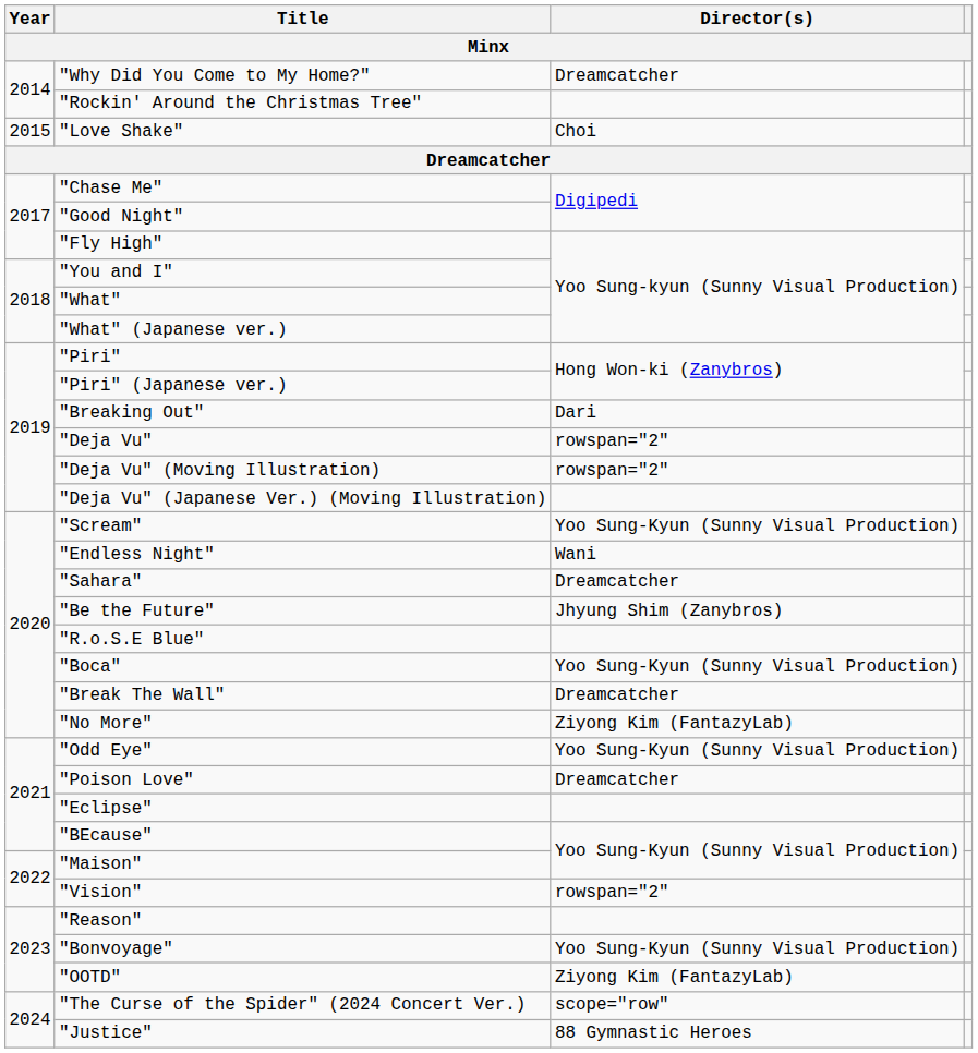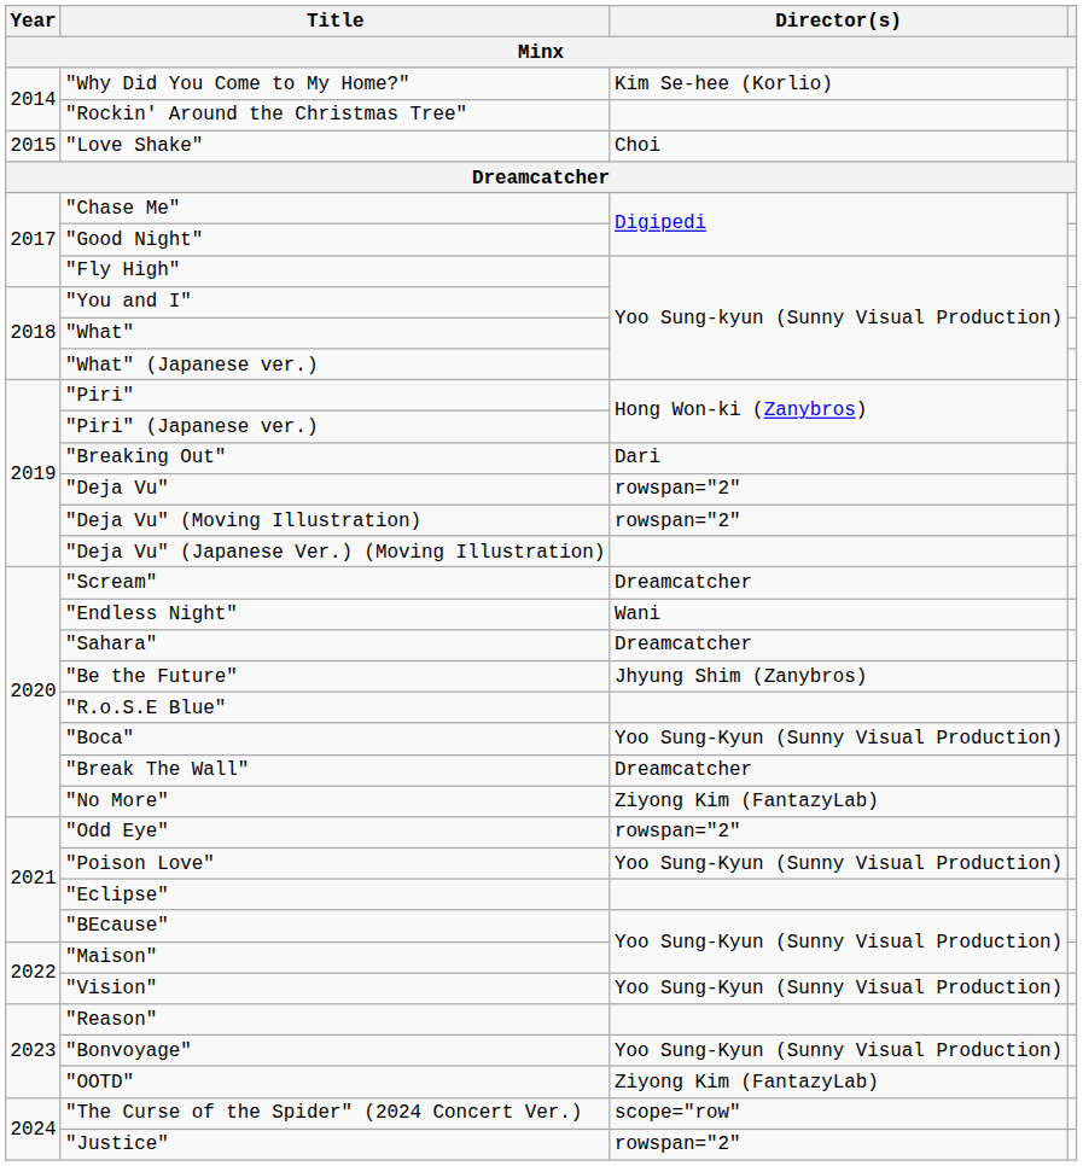 <table class="wikitable">
 <tr>
 <th scope="col">Year</th>
 <th scope="col">Title</th>
 <th scope="col">Director(s)</th>
 <th scope="col" class="unsortable"></th>
 </tr>
 <tr>
 <th colspan="4">Minx</th>
 </tr>
 <tr>
 <td rowspan="2">2014</td>
 <td>"Why Did You Come to My Home?"</td>
-<td>Dreamcatcher</td>
+<td>Kim Se-hee (Korlio)</td>
 <td></td>
 </tr>
 <tr>
 <td>"Rockin' Around the Christmas Tree"<br></td>
 <td></td>
 <td></td>
 </tr>
 <tr>
 <td>2015</td>
 <td>"Love Shake"</td>
 <td>Choi</td>
 <td></td>
 </tr>
 <tr>
 <th colspan="4">Dreamcatcher</th>
 </tr>
 <tr>
 <td rowspan="3">2017</td>
 <td>"Chase Me"</td>
 <td rowspan="2"><a href='#'>Digipedi</a></td>
 <td></td>
 </tr>
 <tr>
 <td>"Good Night"</td>
 <td></td>
 </tr>
 <tr>
 <td>"Fly High"</td>
 <td rowspan="4">Yoo Sung-kyun (Sunny Visual Production)</td>
 <td></td>
 </tr>
 <tr>
 <td rowspan="3">2018</td>
 <td>"You and I"</td>
 <td></td>
 </tr>
 <tr>
 <td>"What"</td>
 <td></td>
 </tr>
 <tr>
 <td>"What" (Japanese ver.)</td>
 <td></td>
 </tr>
 <tr>
 <td rowspan="6">2019</td>
 <td>"Piri"</td>
 <td rowspan="2">Hong Won-ki (<a href='#'>Zanybros</a>)</td>
 <td></td>
 </tr>
 <tr>
 <td>"Piri" (Japanese ver.)</td>
 <td></td>
 </tr>
 <tr>
 <td>"Breaking Out"</td>
 <td>Dari</td>
 <td></td>
 </tr>
 <tr>
 <td>"Deja Vu"</td>
 <td>rowspan="2" </td>
 <td></td>
 </tr>
 <tr>
 <td>"Deja Vu" (Moving Illustration)</td>
 <td>rowspan="2" </td>
 <td></td>
 </tr>
 <tr>
 <td>"Deja Vu" (Japanese Ver.) (Moving Illustration)</td>
 <td></td>
 </tr>
 <tr>
 <td rowspan="8">2020</td>
 <td>"Scream"</td>
-<td>Yoo Sung-Kyun (Sunny Visual Production)</td>
+<td>Dreamcatcher</td>
 <td></td>
 </tr>
 <tr>
 <td>"Endless Night"</td>
 <td>Wani</td>
 <td></td>
 </tr>
 <tr>
 <td>"Sahara"</td>
 <td>Dreamcatcher</td>
 <td></td>
 </tr>
 <tr>
 <td>"Be the Future"<br></td>
 <td>Jhyung Shim (Zanybros)</td>
 <td></td>
 </tr>
 <tr>
 <td>"R.o.S.E Blue"</td>
 <td></td>
 <td></td>
 </tr>
 <tr>
 <td>"Boca"</td>
 <td>Yoo Sung-Kyun (Sunny Visual Production)</td>
 <td></td>
 </tr>
 <tr>
 <td>"Break The Wall"</td>
 <td>Dreamcatcher</td>
 <td></td>
 </tr>
 <tr>
 <td>"No More"</td>
 <td>Ziyong Kim (FantazyLab)</td>
 <td></td>
 </tr>
 <tr>
 <td rowspan="4">2021</td>
 <td>"Odd Eye"</td>
-<td>Yoo Sung-Kyun (Sunny Visual Production)</td>
+<td>rowspan="2" </td>
 <td></td>
 </tr>
 <tr>
 <td>"Poison Love"</td>
-<td>Dreamcatcher</td>
+<td>Yoo Sung-Kyun (Sunny Visual Production)</td>
 <td></td>
 </tr>
 <tr>
 <td>"Eclipse"</td>
 <td></td>
 <td></td>
 </tr>
 <tr>
 <td>"BEcause"</td>
 <td rowspan="2">Yoo Sung-Kyun (Sunny Visual Production)</td>
 <td></td>
 </tr>
 <tr>
 <td rowspan="2">2022</td>
 <td>"Maison"</td>
 <td></td>
 </tr>
 <tr>
 <td>"Vision"</td>
-<td>rowspan="2" </td>
+<td>Yoo Sung-Kyun (Sunny Visual Production)</td>
 <td></td>
 </tr>
 <tr>
 <td rowspan="3">2023</td>
 <td>"Reason"</td>
 <td></td>
 </tr>
 <tr>
 <td>"Bonvoyage"</td>
 <td>Yoo Sung-Kyun (Sunny Visual Production)</td>
 <td></td>
 </tr>
 <tr>
 <td>"OOTD"</td>
 <td>Ziyong Kim (FantazyLab)</td>
 <td></td>
 </tr>
 <tr>
 <td rowspan="2">2024</td>
 <td>"The Curse of the Spider" (2024 Concert Ver.)</td>
 <td>scope="row" </td>
 <td></td>
 </tr>
 <tr>
 <td>"Justice"</td>
-<td>88 Gymnastic Heroes</td>
+<td>rowspan="2" </td>
 <td></td>
 </tr>
 </table>
